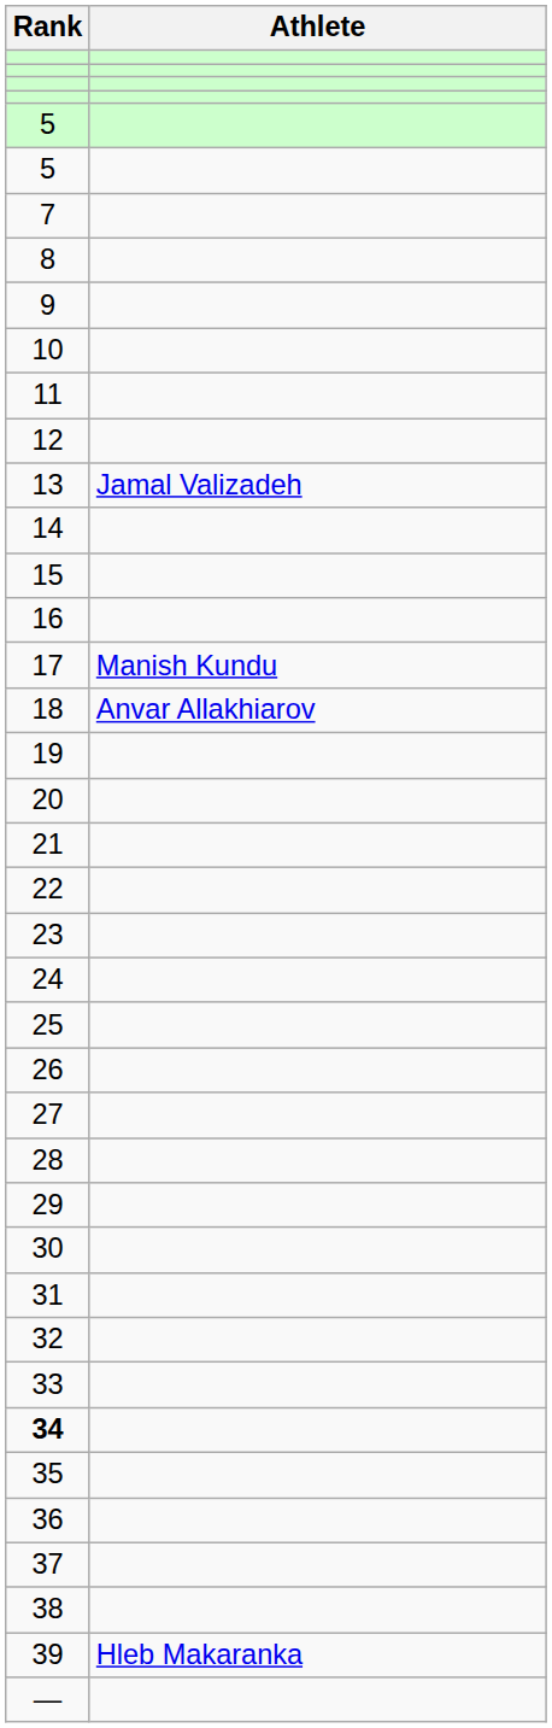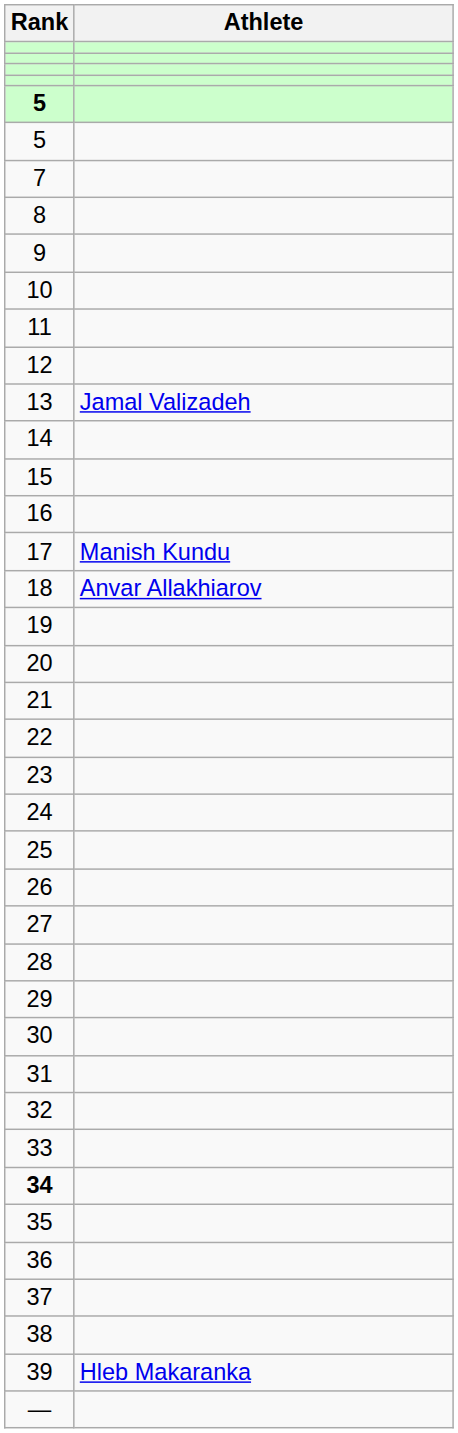 <table class="wikitable" style="text-align: center;">
 <tr>
 <th width=40>Rank</th>
 <th width=250>Athlete</th>
 </tr>
 <tr bgcolor=#ccffcc>
 <td></td>
 <td align="left"></td>
 </tr>
 <tr bgcolor=#ccffcc>
 <td></td>
 <td align="left"></td>
 </tr>
 <tr bgcolor=#ccffcc>
 <td></td>
 <td align="left"></td>
 </tr>
 <tr bgcolor=#ccffcc>
 <td></td>
 <td align="left"></td>
 </tr>
 <tr bgcolor=#ccffcc>
-<td>5</td>
+<td><strong>5</strong></td>
 <td align="left"></td>
 </tr>
 <tr>
 <td>5</td>
 <td align="left"></td>
 </tr>
 <tr>
 <td>7</td>
 <td align="left"></td>
 </tr>
 <tr>
 <td>8</td>
 <td align="left"></td>
 </tr>
 <tr>
 <td>9</td>
 <td align="left"></td>
 </tr>
 <tr>
 <td>10</td>
 <td align="left"></td>
 </tr>
 <tr>
 <td>11</td>
 <td align="left"></td>
 </tr>
 <tr>
 <td>12</td>
 <td align="left"></td>
 </tr>
 <tr>
 <td>13</td>
 <td align="left"> <a href='#'>Jamal Valizadeh</a> </td>
 </tr>
 <tr>
 <td>14</td>
 <td align="left"></td>
 </tr>
 <tr>
 <td>15</td>
 <td align="left"></td>
 </tr>
 <tr>
 <td>16</td>
 <td align="left"></td>
 </tr>
 <tr>
 <td>17</td>
 <td align="left"> <a href='#'>Manish Kundu</a> </td>
 </tr>
 <tr>
 <td>18</td>
 <td align="left"> <a href='#'>Anvar Allakhiarov</a> </td>
 </tr>
 <tr>
 <td>19</td>
 <td align="left"></td>
 </tr>
 <tr>
 <td>20</td>
 <td align="left"></td>
 </tr>
 <tr>
 <td>21</td>
 <td align="left"></td>
 </tr>
 <tr>
 <td>22</td>
 <td align="left"></td>
 </tr>
 <tr>
 <td>23</td>
 <td align="left"></td>
 </tr>
 <tr>
 <td>24</td>
 <td align="left"></td>
 </tr>
 <tr>
 <td>25</td>
 <td align="left"></td>
 </tr>
 <tr>
 <td>26</td>
 <td align="left"></td>
 </tr>
 <tr>
 <td>27</td>
 <td align="left"></td>
 </tr>
 <tr>
 <td>28</td>
 <td align="left"></td>
 </tr>
 <tr>
 <td>29</td>
 <td align="left"></td>
 </tr>
 <tr>
 <td>30</td>
 <td align="left"></td>
 </tr>
 <tr>
 <td>31</td>
 <td align="left"></td>
 </tr>
 <tr>
 <td>32</td>
 <td align="left"></td>
 </tr>
 <tr>
 <td>33</td>
 <td align="left"></td>
 </tr>
 <tr>
 <td><strong>34</strong></td>
 <td align="left"></td>
 </tr>
 <tr>
 <td>35</td>
 <td align="left"></td>
 </tr>
 <tr>
 <td>36</td>
 <td align="left"></td>
 </tr>
 <tr>
 <td>37</td>
 <td align="left"></td>
 </tr>
 <tr>
 <td>38</td>
 <td align="left"></td>
 </tr>
 <tr>
 <td>39</td>
 <td align="left"> <a href='#'>Hleb Makaranka</a> </td>
 </tr>
 <tr>
 <td>—</td>
 <td align="left"></td>
 </tr>
 </table>
